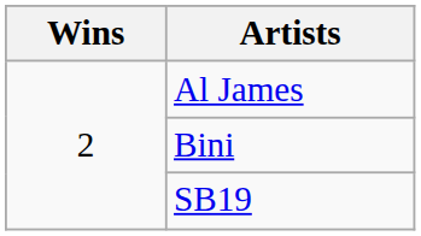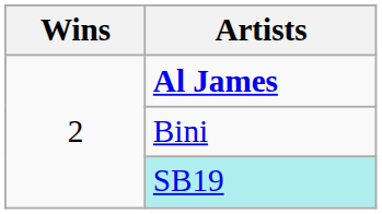 <table class="wikitable"  style="width:30%;">
 <tr>
 <th scope="col">Wins</th>
 <th scope="col">Artists</th>
 </tr>
 <tr>
 <td rowspan="3" align=center>2</td>
-<td><a href='#'>Al James</a></td>
+<td><strong><a href='#'>Al James</a></strong></td>
 </tr>
 <tr>
 <td><a href='#'>Bini</a></td>
 </tr>
 <tr>
-<td><a href='#'>SB19</a></td>
+<td style="background: paleturquoise;"><a href='#'>SB19</a></td>
 </tr>
 </table>
